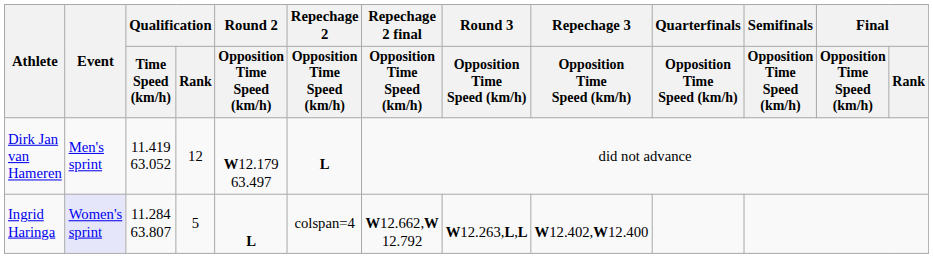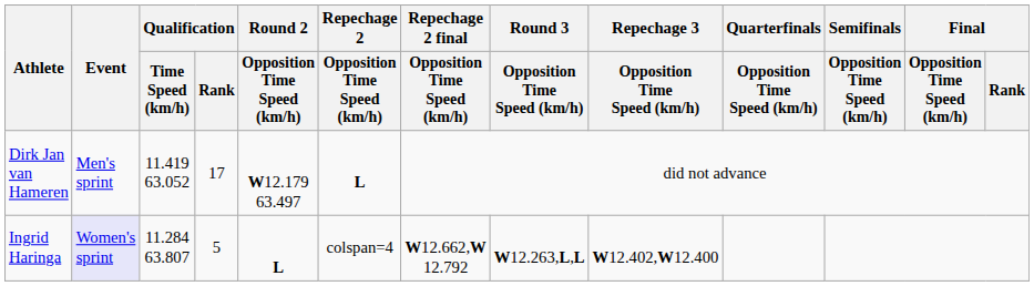 <table class="wikitable" style="font-size:90%">
 <tr>
 <th rowspan="2">Athlete</th>
 <th rowspan="2">Event</th>
 <th colspan=2>Qualification</th>
 <th>Round 2</th>
 <th>Repechage 2</th>
 <th>Repechage 2 final</th>
 <th>Round 3</th>
 <th>Repechage 3</th>
 <th>Quarterfinals</th>
 <th>Semifinals</th>
 <th colspan=2>Final</th>
 </tr>
 <tr style="font-size:95%">
 <th>Time<br>Speed (km/h)</th>
 <th>Rank</th>
 <th>Opposition<br>Time<br>Speed (km/h)</th>
 <th>Opposition<br>Time<br>Speed (km/h)</th>
 <th>Opposition<br>Time<br>Speed (km/h)</th>
 <th>Opposition<br>Time<br>Speed (km/h)</th>
 <th>Opposition<br>Time<br>Speed (km/h)</th>
 <th>Opposition<br>Time<br>Speed (km/h)</th>
 <th>Opposition<br>Time<br>Speed (km/h)</th>
 <th>Opposition<br>Time<br>Speed (km/h)</th>
 <th>Rank</th>
 </tr>
 <tr align=center>
 <td align=left><a href='#'>Dirk Jan van Hameren</a></td>
 <td align=left><a href='#'>Men's sprint</a></td>
 <td>11.419<br>63.052</td>
-<td>12</td>
+<td>17</td>
 <td><br><br><strong>W</strong>12.179<br>63.497</td>
 <td><br><strong>L</strong></td>
 <td colspan=7>did not advance</td>
 </tr>
 <tr align=center>
 <td align=left><a href='#'>Ingrid Haringa</a></td>
 <td align=left style="background: lavender;"><a href='#'>Women's sprint</a></td>
 <td>11.284<br>63.807</td>
 <td>5</td>
 <td><br><br><strong>L</strong></td>
 <td>colspan=4 </td>
 <td><br><strong>W</strong>12.662,<strong>W</strong> 12.792</td>
 <td><br><strong>W</strong>12.263,<strong>L</strong>,<strong>L</strong></td>
 <td><br><strong>W</strong>12.402,<strong>W</strong>12.400</td>
 <td></td>
 </tr>
 </table>
